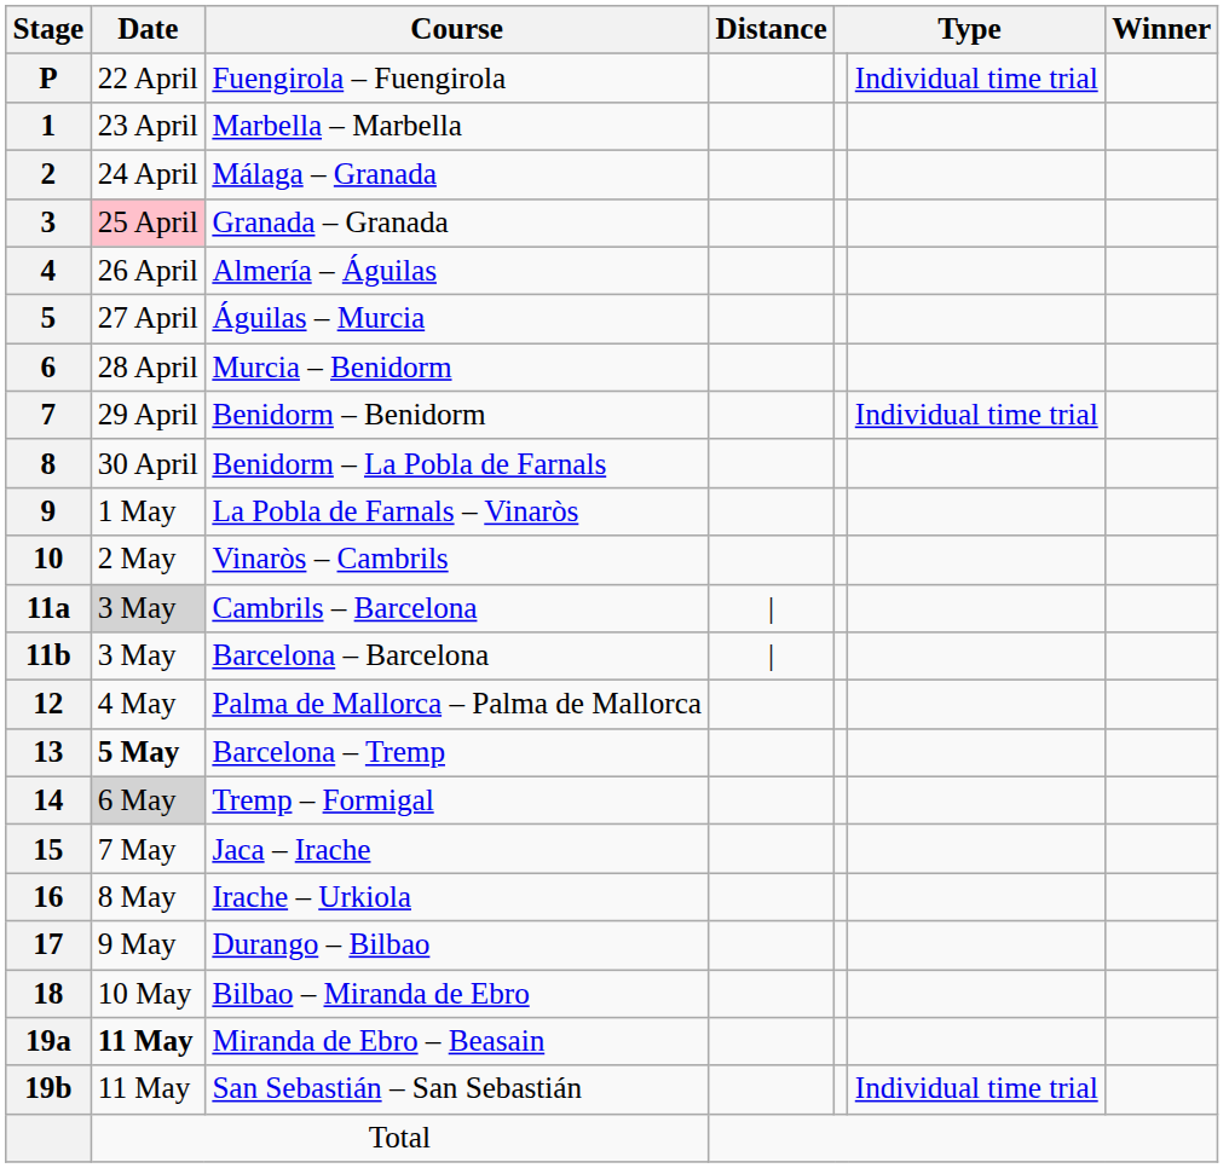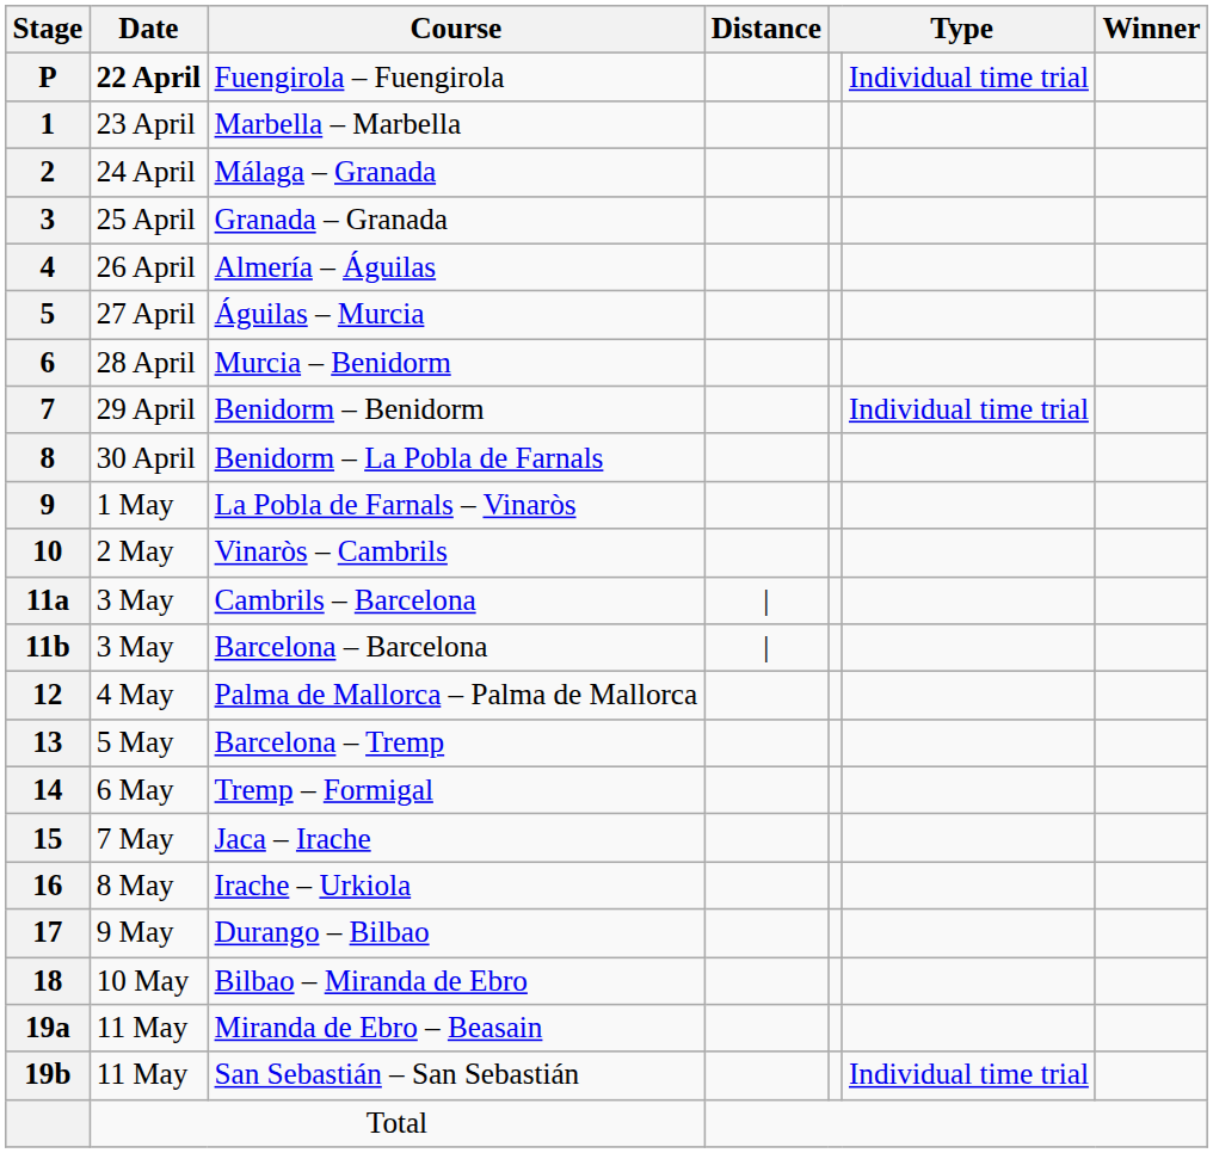 <table class="wikitable">
 <tr>
 <th scope="col">Stage</th>
 <th scope="col">Date</th>
 <th scope="col">Course</th>
 <th scope="col">Distance</th>
 <th scope="col" colspan="2">Type</th>
 <th scope="col">Winner</th>
 </tr>
 <tr>
 <th scope="row">P</th>
-<td>22 April</td>
+<td><strong>22 April</strong></td>
 <td><a href='#'>Fuengirola</a> – Fuengirola</td>
 <td style="text-align:center;"></td>
 <td></td>
 <td><a href='#'>Individual time trial</a></td>
 <td></td>
 </tr>
 <tr>
 <th scope="row">1</th>
 <td>23 April</td>
 <td><a href='#'>Marbella</a> – Marbella</td>
 <td style="text-align:center;"></td>
 <td></td>
 <td></td>
 <td></td>
 </tr>
 <tr>
 <th scope="row">2</th>
 <td>24 April</td>
 <td><a href='#'>Málaga</a> – <a href='#'>Granada</a></td>
 <td style="text-align:center;"></td>
 <td></td>
 <td></td>
 <td></td>
 </tr>
 <tr>
 <th scope="row">3</th>
-<td style="background: pink;">25 April</td>
+<td>25 April</td>
 <td><a href='#'>Granada</a> – Granada</td>
 <td style="text-align:center;"></td>
 <td></td>
 <td></td>
 <td></td>
 </tr>
 <tr>
 <th scope="row">4</th>
 <td>26 April</td>
 <td><a href='#'>Almería</a> – <a href='#'>Águilas</a></td>
 <td style="text-align:center;"></td>
 <td></td>
 <td></td>
 <td></td>
 </tr>
 <tr>
 <th scope="row">5</th>
 <td>27 April</td>
 <td><a href='#'>Águilas</a> – <a href='#'>Murcia</a></td>
 <td style="text-align:center;"></td>
 <td></td>
 <td></td>
 <td></td>
 </tr>
 <tr>
 <th scope="row">6</th>
 <td>28 April</td>
 <td><a href='#'>Murcia</a> – <a href='#'>Benidorm</a></td>
 <td style="text-align:center;"></td>
 <td></td>
 <td></td>
 <td></td>
 </tr>
 <tr>
 <th scope="row">7</th>
 <td>29 April</td>
 <td><a href='#'>Benidorm</a> – Benidorm</td>
 <td style="text-align:center;"></td>
 <td></td>
 <td><a href='#'>Individual time trial</a></td>
 <td></td>
 </tr>
 <tr>
 <th scope="row">8</th>
 <td>30 April</td>
 <td><a href='#'>Benidorm</a> – <a href='#'>La Pobla de Farnals</a></td>
 <td style="text-align:center;"></td>
 <td></td>
 <td></td>
 <td></td>
 </tr>
 <tr>
 <th scope="row">9</th>
 <td>1 May</td>
 <td><a href='#'>La Pobla de Farnals</a> – <a href='#'>Vinaròs</a></td>
 <td style="text-align:center;"></td>
 <td></td>
 <td></td>
 <td></td>
 </tr>
 <tr>
 <th scope="row">10</th>
 <td>2 May</td>
 <td><a href='#'>Vinaròs</a> – <a href='#'>Cambrils</a></td>
 <td style="text-align:center;"></td>
 <td></td>
 <td></td>
 <td></td>
 </tr>
 <tr>
 <th scope="row">11a</th>
-<td style="background: lightgrey;">3 May</td>
+<td>3 May</td>
 <td><a href='#'>Cambrils</a> – <a href='#'>Barcelona</a></td>
 <td style="text-align:center;">|</td>
 <td></td>
 <td></td>
 <td></td>
 </tr>
 <tr>
 <th scope="row">11b</th>
 <td>3 May</td>
 <td><a href='#'>Barcelona</a> – Barcelona</td>
 <td style="text-align:center;">|</td>
 <td></td>
 <td></td>
 <td></td>
 </tr>
 <tr>
 <th scope="row">12</th>
 <td>4 May</td>
 <td><a href='#'>Palma de Mallorca</a> – Palma de Mallorca</td>
 <td style="text-align:center;"></td>
 <td></td>
 <td></td>
 <td></td>
 </tr>
 <tr>
 <th scope="row">13</th>
-<td><strong>5 May</strong></td>
+<td>5 May</td>
 <td><a href='#'>Barcelona</a> – <a href='#'>Tremp</a></td>
 <td style="text-align:center;"></td>
 <td></td>
 <td></td>
 <td></td>
 </tr>
 <tr>
 <th scope="row">14</th>
-<td style="background: lightgrey;">6 May</td>
+<td>6 May</td>
 <td><a href='#'>Tremp</a> – <a href='#'>Formigal</a></td>
 <td style="text-align:center;"></td>
 <td></td>
 <td></td>
 <td></td>
 </tr>
 <tr>
 <th scope="row">15</th>
 <td>7 May</td>
 <td><a href='#'>Jaca</a> – <a href='#'>Irache</a></td>
 <td style="text-align:center;"></td>
 <td></td>
 <td></td>
 <td></td>
 </tr>
 <tr>
 <th scope="row">16</th>
 <td>8 May</td>
 <td><a href='#'>Irache</a> – <a href='#'>Urkiola</a></td>
 <td style="text-align:center;"></td>
 <td></td>
 <td></td>
 <td></td>
 </tr>
 <tr>
 <th scope="row">17</th>
 <td>9 May</td>
 <td><a href='#'>Durango</a> – <a href='#'>Bilbao</a></td>
 <td style="text-align:center;"></td>
 <td></td>
 <td></td>
 <td></td>
 </tr>
 <tr>
 <th scope="row">18</th>
 <td>10 May</td>
 <td><a href='#'>Bilbao</a> – <a href='#'>Miranda de Ebro</a></td>
 <td style="text-align:center;"></td>
 <td></td>
 <td></td>
 <td></td>
 </tr>
 <tr>
 <th scope="row">19a</th>
-<td><strong>11 May</strong></td>
+<td>11 May</td>
 <td><a href='#'>Miranda de Ebro</a> – <a href='#'>Beasain</a></td>
 <td style="text-align:center;"></td>
 <td></td>
 <td></td>
 <td></td>
 </tr>
 <tr>
 <th scope="row">19b</th>
 <td>11 May</td>
 <td><a href='#'>San Sebastián</a> – San Sebastián</td>
 <td style="text-align:center;"></td>
 <td></td>
 <td><a href='#'>Individual time trial</a></td>
 <td></td>
 </tr>
 <tr>
 <th scope="row"></th>
 <td colspan="2" style="text-align:center">Total</td>
 <td colspan="4" style="text-align:center"></td>
 </tr>
 </table>
